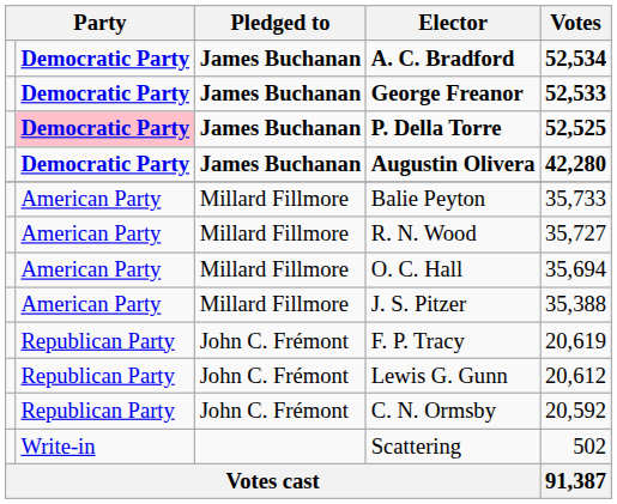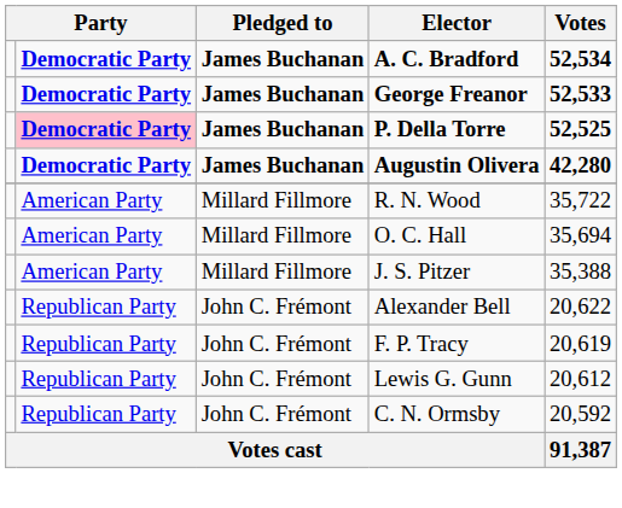 <table class="wikitable">
 <tr>
 <th colspan=2>Party</th>
 <th>Pledged to</th>
 <th>Elector</th>
 <th>Votes</th>
 </tr>
 <tr style="font-weight:bold">
 <td></td>
 <td><a href='#'>Democratic Party</a></td>
 <td>James Buchanan</td>
 <td>A. C. Bradford</td>
 <td align="right">52,534</td>
 </tr>
 <tr style="font-weight:bold">
 <td></td>
 <td><a href='#'>Democratic Party</a></td>
 <td>James Buchanan</td>
 <td>George Freanor</td>
 <td align="right">52,533</td>
 </tr>
 <tr style="font-weight:bold">
 <td></td>
 <td style="background: pink;"><a href='#'>Democratic Party</a></td>
 <td>James Buchanan</td>
 <td>P. Della Torre</td>
 <td align="right">52,525</td>
 </tr>
 <tr style="font-weight:bold">
 <td></td>
 <td><a href='#'>Democratic Party</a></td>
 <td>James Buchanan</td>
 <td>Augustin Olivera</td>
 <td align="right">42,280</td>
 </tr>
 <tr style="font-weight:bold">
 </tr>
 <tr>
 <td></td>
 <td><a href='#'>American Party</a></td>
 <td>Millard Fillmore</td>
-<td>Balie Peyton</td>
-<td align="right">35,733</td>
-</tr>
-<tr>
-<td></td>
-<td><a href='#'>American Party</a></td>
-<td>Millard Fillmore</td>
 <td>R. N. Wood</td>
-<td align="right">35,727</td>
+<td align="right">35,722</td>
 </tr>
 <tr>
 <td></td>
 <td><a href='#'>American Party</a></td>
 <td>Millard Fillmore</td>
 <td>O. C. Hall</td>
 <td align="right">35,694</td>
 </tr>
 <tr>
 <td></td>
 <td><a href='#'>American Party</a></td>
 <td>Millard Fillmore</td>
 <td>J. S. Pitzer</td>
 <td align="right">35,388</td>
+</tr>
+<tr>
+<td></td>
+<td><a href='#'>Republican Party</a></td>
+<td>John C. Frémont</td>
+<td>Alexander Bell</td>
+<td align="right">20,622</td>
 </tr>
 <tr>
 <td></td>
 <td><a href='#'>Republican Party</a></td>
 <td>John C. Frémont</td>
 <td>F. P. Tracy</td>
 <td align="right">20,619</td>
 </tr>
 <tr>
 <td></td>
 <td><a href='#'>Republican Party</a></td>
 <td>John C. Frémont</td>
 <td>Lewis G. Gunn</td>
 <td align="right">20,612</td>
 </tr>
 <tr>
 <td></td>
 <td><a href='#'>Republican Party</a></td>
 <td>John C. Frémont</td>
 <td>C. N. Ormsby</td>
 <td align="right">20,592</td>
 </tr>
 <tr>
-<td></td>
-<td><a href='#'>Write-in</a></td>
-<td></td>
-<td>Scattering</td>
-<td align="right">502</td>
-</tr>
-<tr>
 <th colspan="4">Votes cast</th>
 <th>91,387</th>
 </tr>
 </table>
